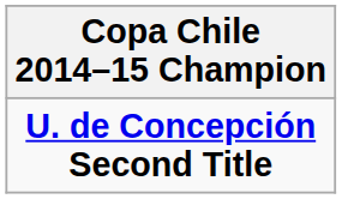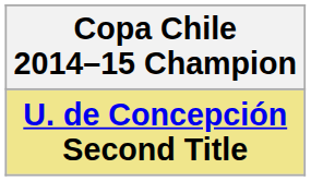 <table class="wikitable" style="text-align: center; margin: 0 auto;">
 <tr>
 <th>Copa Chile<br>2014–15 Champion</th>
 </tr>
 <tr>
-<td><strong><a href='#'>U. de Concepción</a></strong><br><strong>Second Title</strong></td>
+<td style="background: khaki;"><strong><a href='#'>U. de Concepción</a></strong><br><strong>Second Title</strong></td>
 </tr>
 </table>
